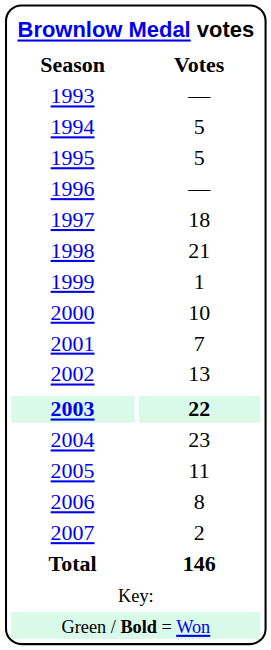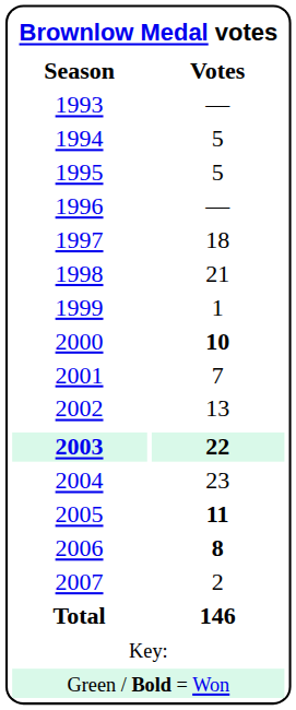 <table style="margin-right:4px; margin-top:8px; float:right; border:1px #000 solid; border-radius:8px; background:#fff; font-family:Verdana; font-size:8pt; text-align:center;">
 <tr style="background:#fff;">
 <td colspan="2;" style="padding:3px; margin-bottom:-3px; margin-top:2px; font-family:Arial; "><strong><a href='#'>Brownlow Medal</a> votes</strong></td>
 </tr>
 <tr>
 <th style="width:50%;">Season</th>
 <th style="width:50%;">Votes</th>
 </tr>
 <tr>
 <td><a href='#'>1993</a></td>
 <td>—</td>
 </tr>
 <tr>
 <td><a href='#'>1994</a></td>
 <td>5</td>
 </tr>
 <tr>
 <td><a href='#'>1995</a></td>
 <td>5</td>
 </tr>
 <tr>
 <td><a href='#'>1996</a></td>
 <td>—</td>
 </tr>
 <tr>
 <td><a href='#'>1997</a></td>
 <td>18</td>
 </tr>
 <tr>
 <td><a href='#'>1998</a></td>
 <td>21</td>
 </tr>
 <tr>
 <td><a href='#'>1999</a></td>
 <td>1</td>
 </tr>
 <tr>
 <td><a href='#'>2000</a></td>
-<td>10</td>
+<td><strong>10</strong></td>
 </tr>
 <tr>
 <td><a href='#'>2001</a></td>
 <td>7</td>
 </tr>
 <tr>
 <td><a href='#'>2002</a></td>
 <td>13</td>
 </tr>
 <tr>
 </tr>
 <tr style="background:#D9F9E9;">
 <td><strong><a href='#'>2003</a></strong></td>
 <td><strong>22</strong></td>
 </tr>
 <tr>
 <td><a href='#'>2004</a></td>
 <td>23</td>
 </tr>
 <tr>
 <td><a href='#'>2005</a></td>
-<td>11</td>
+<td><strong>11</strong></td>
 </tr>
 <tr>
 <td><a href='#'>2006</a></td>
-<td>8</td>
+<td><strong>8</strong></td>
 </tr>
 <tr>
 <td><a href='#'>2007</a></td>
 <td>2</td>
 </tr>
 <tr>
 <td><strong>Total</strong></td>
 <td><strong>146</strong></td>
 </tr>
 <tr>
 <td colspan=2><small>Key:</small></td>
 </tr>
 <tr style="background:#d9f9e9; border:1px solid #aaa; width:2em;">
 <td colspan=2><small>Green / <strong>Bold</strong> = <a href='#'>Won</a></small></td>
 </tr>
 </table>
